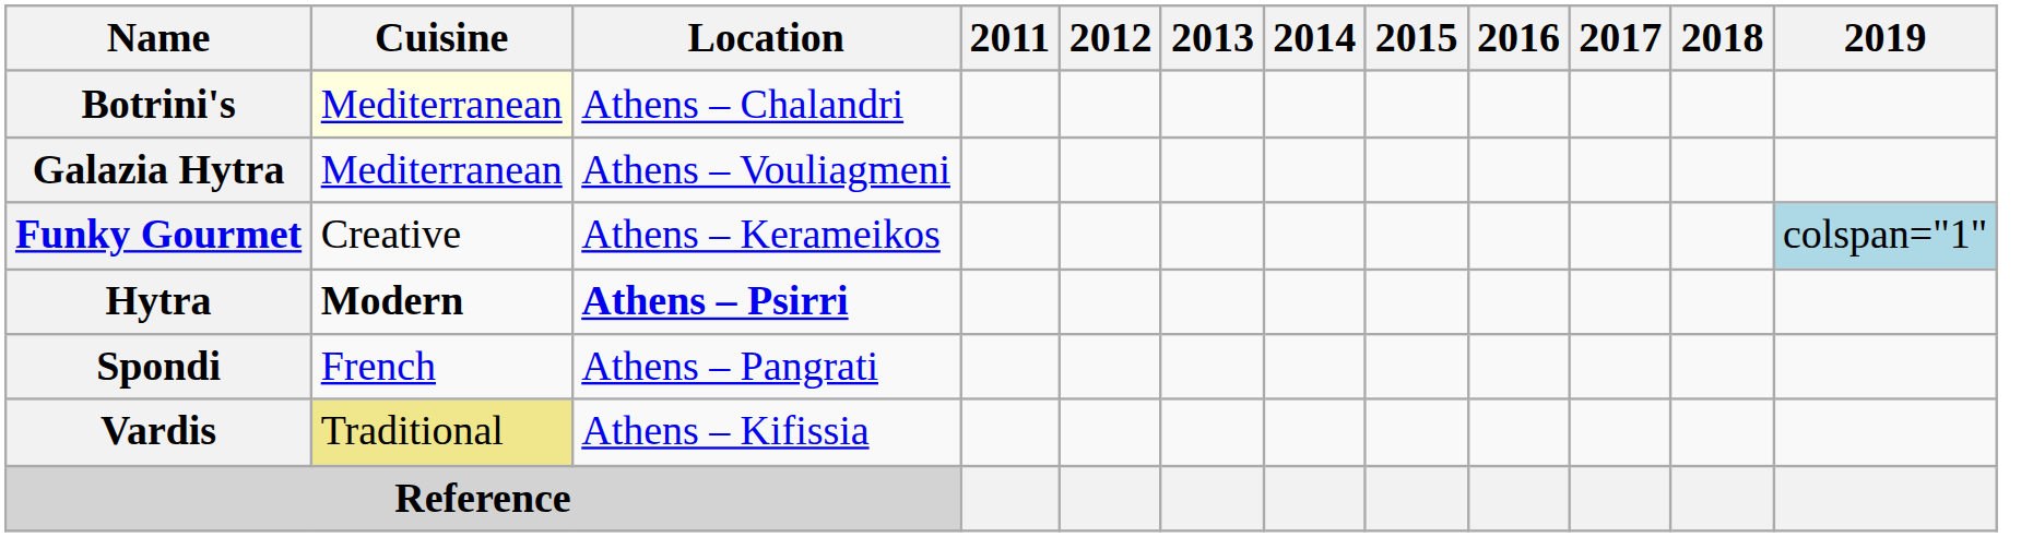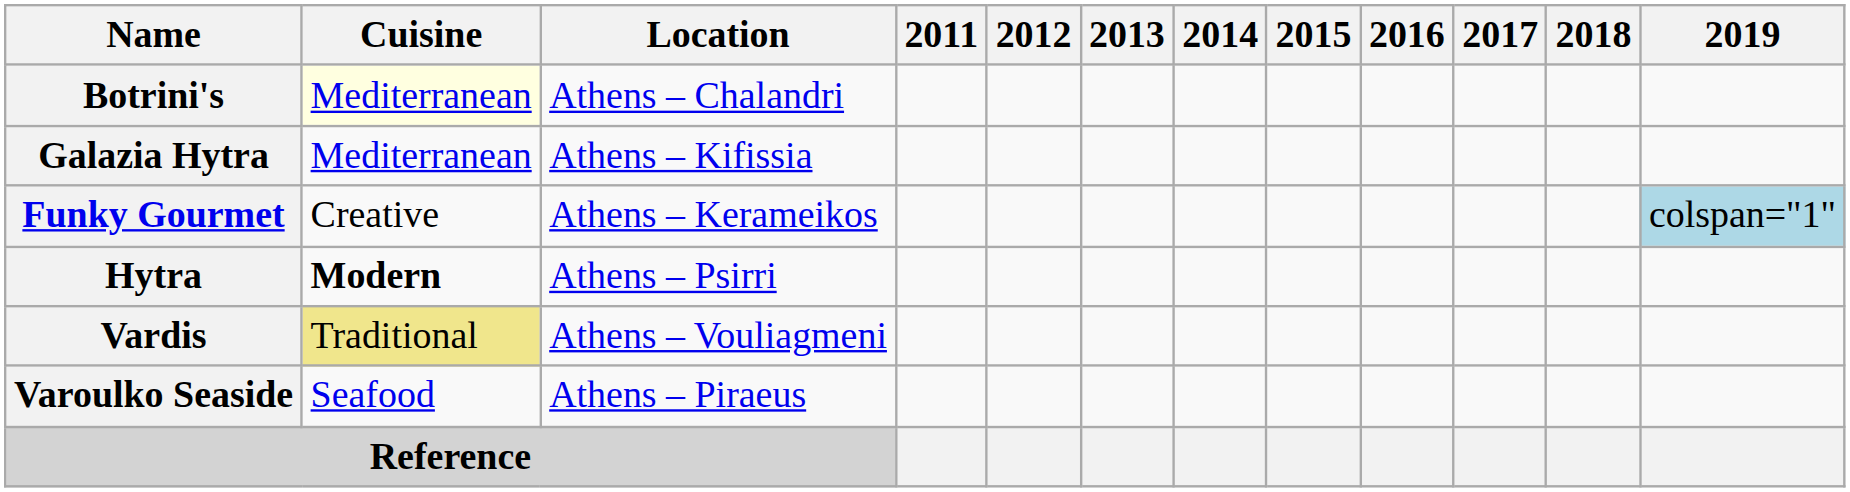 <table class="wikitable sortable plainrowheaders" style="text-align:left;"">
 <tr>
 <th scope="col">Name</th>
 <th scope="col">Cuisine</th>
 <th scope="col">Location</th>
 <th scope="col">2011</th>
 <th scope="col">2012</th>
 <th scope="col">2013</th>
 <th scope="col">2014</th>
 <th scope="col">2015</th>
 <th scope="col">2016</th>
 <th scope="col">2017</th>
 <th scope="col">2018</th>
 <th scope="col">2019</th>
 </tr>
 <tr>
 <th scope="row">Botrini's</th>
 <td style="background: lightyellow;"><a href='#'>Mediterranean</a></td>
 <td><a href='#'>Athens – Chalandri</a></td>
 <td></td>
 <td></td>
 <td></td>
 <td></td>
 <td></td>
 <td></td>
 <td></td>
 <td></td>
 <td></td>
 </tr>
 <tr>
 <th scope="row">Galazia Hytra</th>
 <td><a href='#'>Mediterranean</a></td>
-<td><a href='#'>Athens – Vouliagmeni</a></td>
+<td><a href='#'>Athens – Kifissia</a></td>
 <td></td>
 <td></td>
 <td></td>
 <td></td>
 <td></td>
 <td></td>
 <td></td>
 <td></td>
 <td></td>
 </tr>
 <tr>
 <th scope="row"><a href='#'>Funky Gourmet</a></th>
 <td>Creative</td>
 <td><a href='#'>Athens – Kerameikos</a></td>
 <td></td>
 <td></td>
 <td></td>
 <td></td>
 <td></td>
 <td></td>
 <td></td>
 <td></td>
 <td style="background: lightblue;">colspan="1" </td>
 </tr>
 <tr>
 <th scope="row">Hytra</th>
 <td><strong>Modern</strong></td>
-<td><strong><a href='#'>Athens – Psirri</a></strong></td>
-<td></td>
-<td></td>
-<td></td>
-<td></td>
-<td></td>
-<td></td>
-<td></td>
-<td></td>
-<td></td>
-</tr>
-<tr>
-<th scope="row">Spondi</th>
-<td><a href='#'>French</a></td>
-<td><a href='#'>Athens – Pangrati</a></td>
+<td><a href='#'>Athens – Psirri</a></td>
 <td></td>
 <td></td>
 <td></td>
 <td></td>
 <td></td>
 <td></td>
 <td></td>
 <td></td>
 <td></td>
 </tr>
 <tr>
 <th scope="row">Vardis</th>
 <td style="background: khaki;">Traditional</td>
-<td><a href='#'>Athens – Kifissia</a></td>
+<td><a href='#'>Athens – Vouliagmeni</a></td>
+<td></td>
+<td></td>
+<td></td>
+<td></td>
+<td></td>
+<td></td>
+<td></td>
+<td></td>
+<td></td>
+</tr>
+<tr>
+<th scope="row">Varoulko Seaside</th>
+<td><a href='#'>Seafood</a></td>
+<td><a href='#'>Athens – Piraeus</a></td>
 <td></td>
 <td></td>
 <td></td>
 <td></td>
 <td></td>
 <td></td>
 <td></td>
 <td></td>
 <td></td>
 </tr>
 <tr>
 <th colspan="3" style="text-align: center;background: lightgray;">Reference</th>
 <th></th>
 <th></th>
 <th></th>
 <th></th>
 <th></th>
 <th></th>
 <th></th>
 <th></th>
 <th></th>
 </tr>
 </table>
